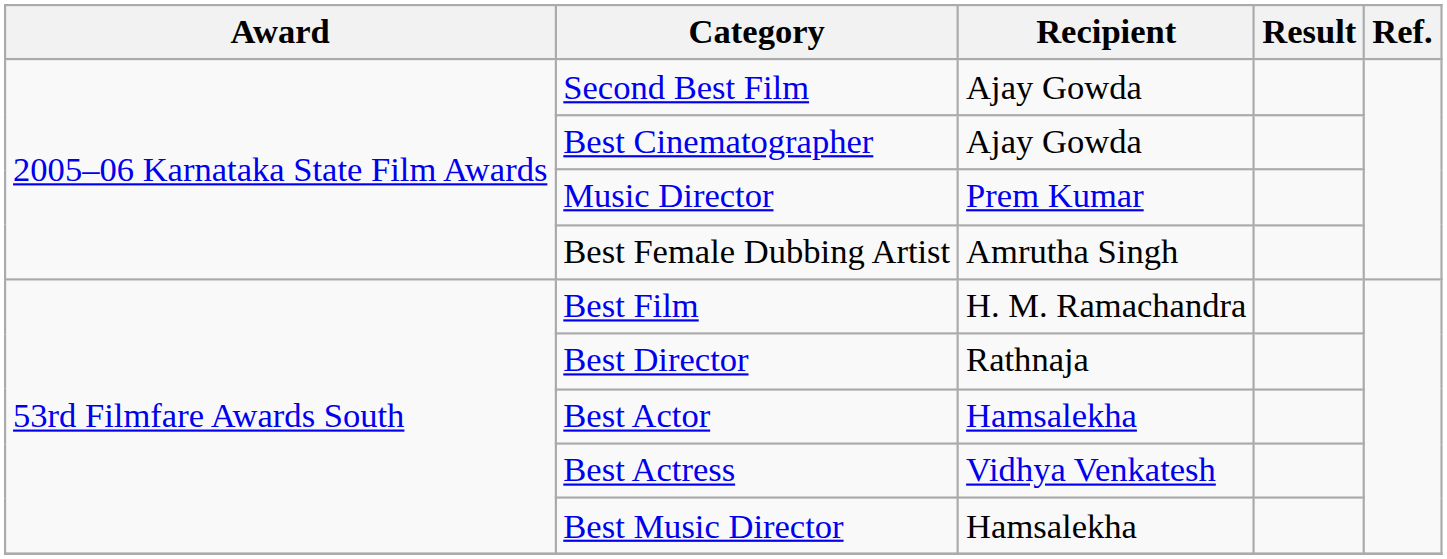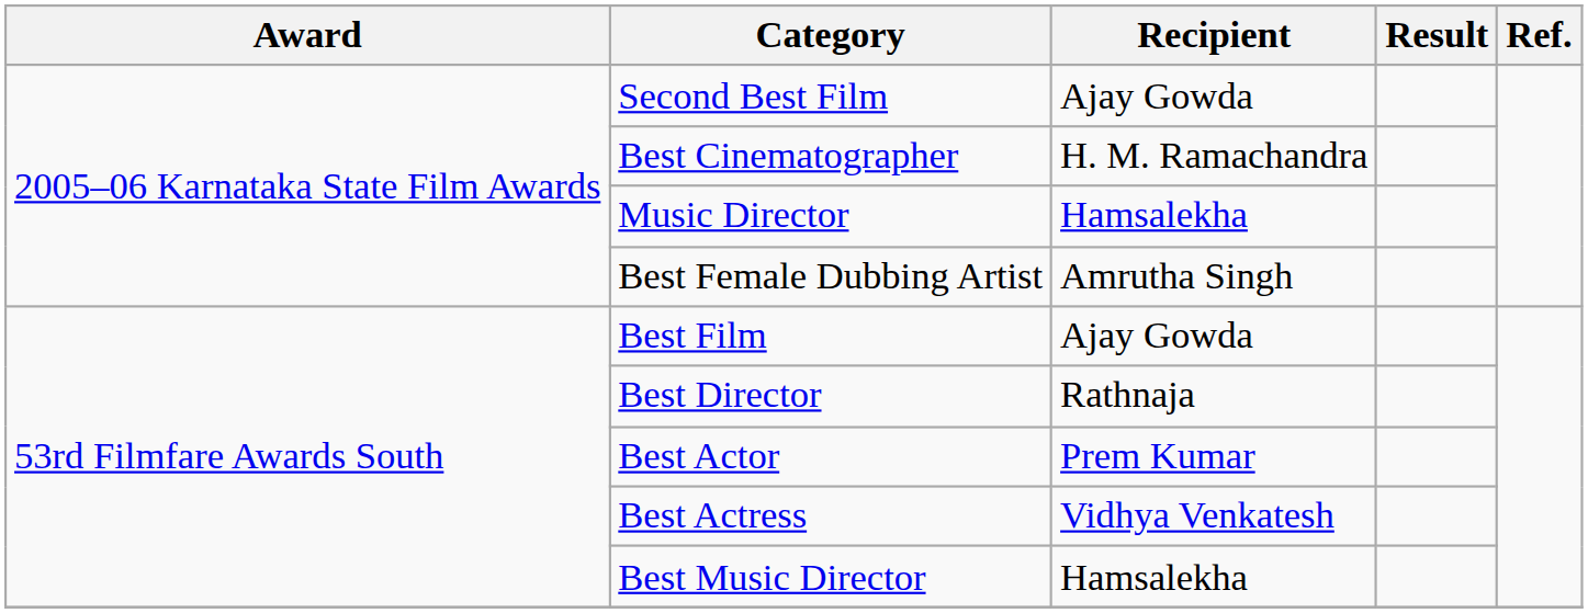 <table class="wikitable sortable">
 <tr>
 <th>Award</th>
 <th>Category</th>
 <th>Recipient</th>
 <th>Result</th>
 <th>Ref.</th>
 </tr>
 <tr>
 <td rowspan=4><a href='#'>2005–06 Karnataka State Film Awards</a></td>
 <td><a href='#'>Second Best Film</a></td>
 <td>Ajay Gowda</td>
 <td></td>
 <td rowspan=4></td>
 </tr>
 <tr>
 <td><a href='#'>Best Cinematographer</a></td>
-<td>Ajay Gowda</td>
+<td>H. M. Ramachandra</td>
 <td></td>
 </tr>
 <tr>
 <td><a href='#'>Music Director</a></td>
-<td><a href='#'>Prem Kumar</a></td>
+<td><a href='#'>Hamsalekha</a></td>
 <td></td>
 </tr>
 <tr>
 <td>Best Female Dubbing Artist</td>
 <td>Amrutha Singh</td>
 <td></td>
 </tr>
 <tr>
 <td rowspan=5><a href='#'>53rd Filmfare Awards South</a></td>
 <td><a href='#'>Best Film</a></td>
-<td>H. M. Ramachandra</td>
+<td>Ajay Gowda</td>
 <td></td>
 <td rowspan=5></td>
 </tr>
 <tr>
 <td><a href='#'>Best Director</a></td>
 <td>Rathnaja</td>
 <td></td>
 </tr>
 <tr>
 <td><a href='#'>Best Actor</a></td>
-<td><a href='#'>Hamsalekha</a></td>
+<td><a href='#'>Prem Kumar</a></td>
 <td></td>
 </tr>
 <tr>
 <td><a href='#'>Best Actress</a></td>
 <td><a href='#'>Vidhya Venkatesh</a></td>
 <td></td>
 </tr>
 <tr>
 <td><a href='#'>Best Music Director</a></td>
 <td>Hamsalekha</td>
 <td></td>
 </tr>
 <tr>
 </tr>
 </table>
